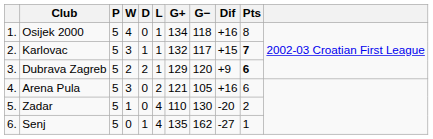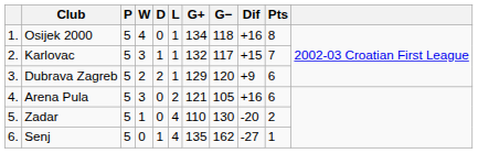 <table class="wikitable sortable">
 <tr>
 <th></th>
 <th>Club</th>
 <th>P</th>
 <th>W</th>
 <th>D</th>
 <th>L</th>
 <th>G+</th>
 <th>G−</th>
 <th>Dif</th>
 <th>Pts</th>
 <th></th>
 </tr>
 <tr>
 <td>1.</td>
 <td>Osijek 2000</td>
 <td>5</td>
 <td>4</td>
 <td>0</td>
 <td>1</td>
 <td>134</td>
 <td>118</td>
 <td>+16</td>
 <td>8</td>
 <td rowspan="3"><a href='#'>2002-03 Croatian First League</a></td>
 </tr>
 <tr>
 <td>2.</td>
 <td>Karlovac</td>
 <td>5</td>
 <td>3</td>
 <td>1</td>
 <td>1</td>
 <td>132</td>
 <td>117</td>
 <td>+15</td>
-<td><strong>7</strong></td>
+<td>7</td>
 </tr>
 <tr>
 <td>3.</td>
 <td>Dubrava Zagreb</td>
 <td>5</td>
 <td>2</td>
 <td>2</td>
 <td>1</td>
 <td>129</td>
 <td>120</td>
 <td>+9</td>
-<td><strong>6</strong></td>
+<td>6</td>
 </tr>
 <tr>
 <td>4.</td>
 <td>Arena Pula</td>
 <td>5</td>
 <td>3</td>
 <td>0</td>
 <td>2</td>
 <td>121</td>
 <td>105</td>
 <td>+16</td>
 <td>6</td>
 <td rowspan="3"></td>
 </tr>
 <tr>
 <td>5.</td>
 <td>Zadar</td>
 <td>5</td>
 <td>1</td>
 <td>0</td>
 <td>4</td>
 <td>110</td>
 <td>130</td>
 <td>-20</td>
 <td>2</td>
 </tr>
 <tr>
 <td>6.</td>
 <td>Senj</td>
 <td>5</td>
 <td>0</td>
 <td>1</td>
 <td>4</td>
 <td>135</td>
 <td>162</td>
 <td>-27</td>
 <td>1</td>
 </tr>
 </table>
